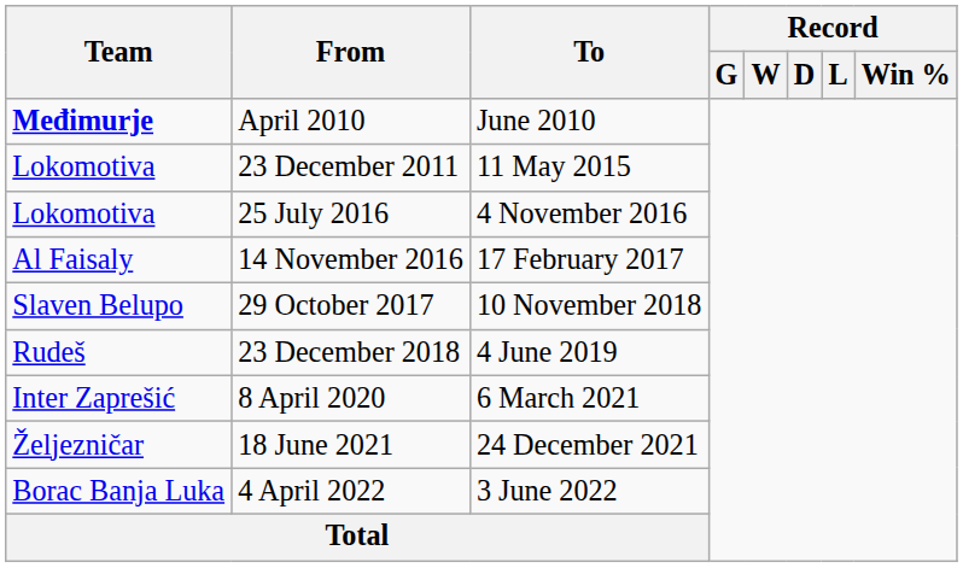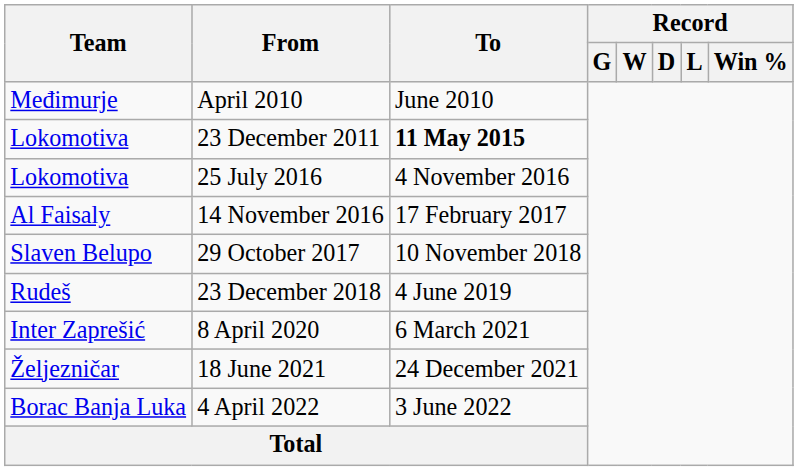 <table class="wikitable sortable">
 <tr>
 <th rowspan="2">Team</th>
 <th rowspan="2">From</th>
 <th rowspan="2">To</th>
 <th colspan="5">Record</th>
 </tr>
 <tr>
 <th>G</th>
 <th>W</th>
 <th>D</th>
 <th>L</th>
 <th>Win %</th>
 </tr>
 <tr>
-<td><strong><a href='#'>Međimurje</a></strong></td>
+<td><a href='#'>Međimurje</a></td>
 <td>April 2010</td>
 <td>June 2010<br></td>
 </tr>
 <tr>
 <td><a href='#'>Lokomotiva</a></td>
 <td>23 December 2011</td>
-<td>11 May 2015<br></td>
+<td><strong>11 May 2015<br></strong></td>
 </tr>
 <tr>
 <td><a href='#'>Lokomotiva</a></td>
 <td>25 July 2016</td>
 <td>4 November 2016<br></td>
 </tr>
 <tr>
 <td><a href='#'>Al Faisaly</a></td>
 <td>14 November 2016</td>
 <td>17 February 2017<br></td>
 </tr>
 <tr>
 <td><a href='#'>Slaven Belupo</a></td>
 <td>29 October 2017</td>
 <td>10 November 2018<br></td>
 </tr>
 <tr>
 <td><a href='#'>Rudeš</a></td>
 <td>23 December 2018</td>
 <td>4 June 2019<br></td>
 </tr>
 <tr>
 <td><a href='#'>Inter Zaprešić</a></td>
 <td>8 April 2020</td>
 <td>6 March 2021<br></td>
 </tr>
 <tr>
 <td><a href='#'>Željezničar</a></td>
 <td>18 June 2021</td>
 <td>24 December 2021<br></td>
 </tr>
 <tr>
 <td><a href='#'>Borac Banja Luka</a></td>
 <td>4 April 2022</td>
 <td>3 June 2022<br></td>
 </tr>
 <tr>
 <th colspan="3">Total<br></th>
 </tr>
 </table>
